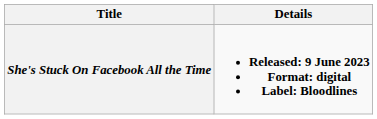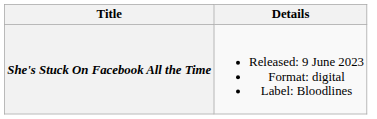 <table class="wikitable plainrowheaders" style="text-align:center;" border="1">
 <tr>
 <th>Title</th>
 <th>Details</th>
 </tr>
 <tr>
 <th scope="row"><em>She's Stuck On Facebook All the Time</em></th>
-<td><strong><br><ul><li>Released: 9 June 2023</li><li>Format: digital</li><li>Label: Bloodlines</li></ul></strong></td>
+<td><br><ul><li>Released: 9 June 2023</li><li>Format: digital</li><li>Label: Bloodlines</li></ul></td>
 </tr>
 </table>
